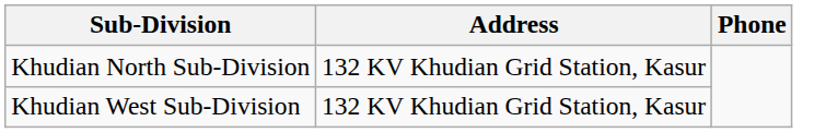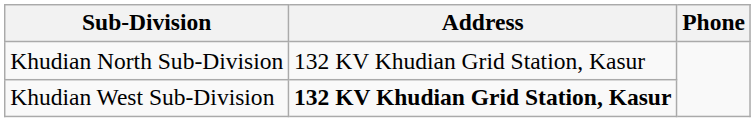 <table class="wikitable">
 <tr>
 <th>Sub-Division</th>
 <th>Address</th>
 <th>Phone</th>
 </tr>
 <tr>
 <td>Khudian North Sub-Division</td>
 <td>132 KV Khudian Grid Station, Kasur</td>
 </tr>
 <tr>
 <td>Khudian West Sub-Division</td>
-<td>132 KV Khudian Grid Station, Kasur</td>
+<td><strong>132 KV Khudian Grid Station, Kasur</strong></td>
 </tr>
 </table>
